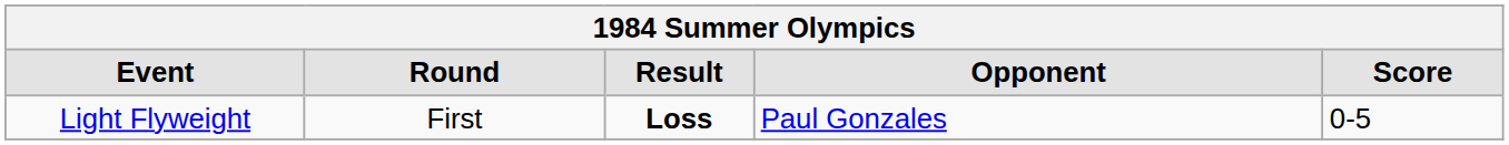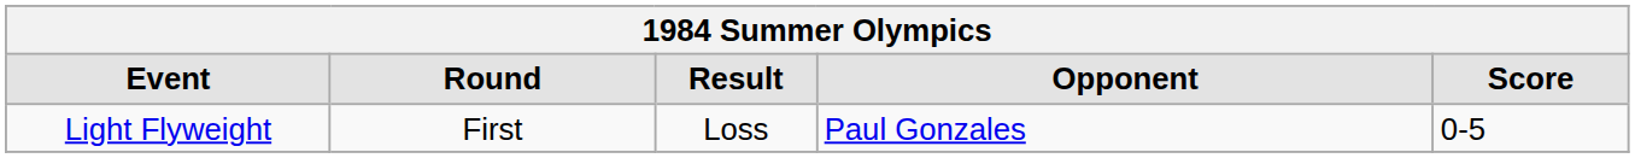 <table style='font-size: 85%; text-align: left;' class='wikitable' width='45%'>
 <tr>
 <th colspan=5>1984 Summer Olympics</th>
 </tr>
 <tr>
 <th style='border-style: none none solid solid; background: #e3e3e3; width: 20%'><strong>Event</strong></th>
 <th style='border-style: none none solid solid; background: #e3e3e3; width: 20%'><strong>Round</strong></th>
 <th style='border-style: none none solid solid; background: #e3e3e3; width: 10%'><strong>Result</strong></th>
 <th style='border-style: none none solid solid; background: #e3e3e3; width: 38%'><strong>Opponent</strong></th>
 <th style='border-style: none none solid solid; background: #e3e3e3; width: 12%'><strong>Score</strong></th>
 </tr>
 <tr align=center>
 <td rowspan="1" style="text-align:center;"><a href='#'>Light Flyweight</a></td>
 <td align='center'>First</td>
-<td><strong>Loss</strong></td>
+<td>Loss</td>
 <td align='left'> <a href='#'>Paul Gonzales</a></td>
 <td align='left'>0-5</td>
 </tr>
 </table>
